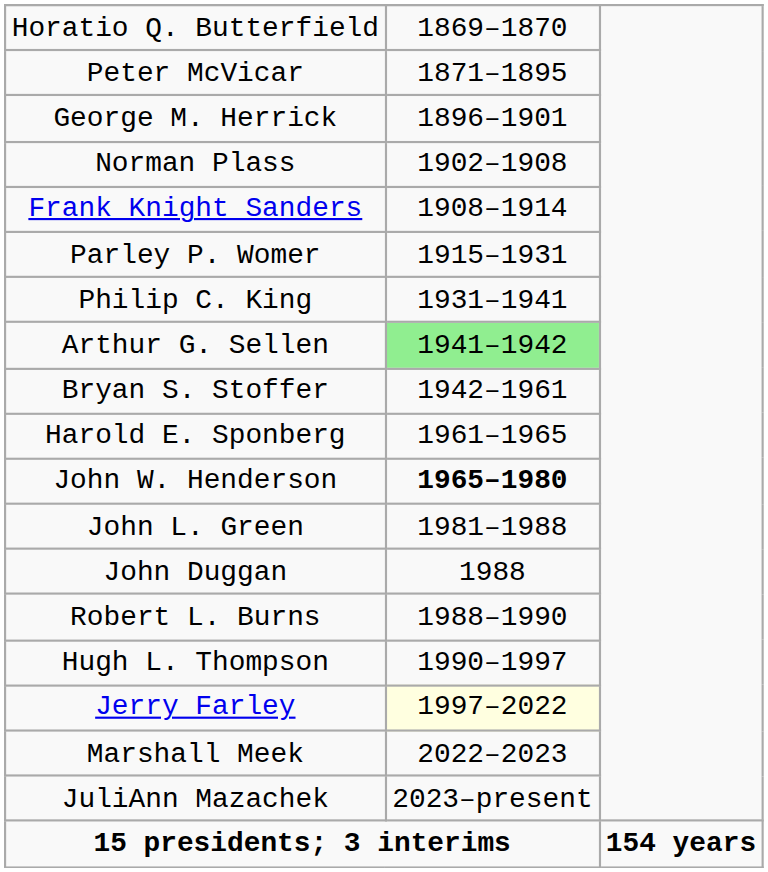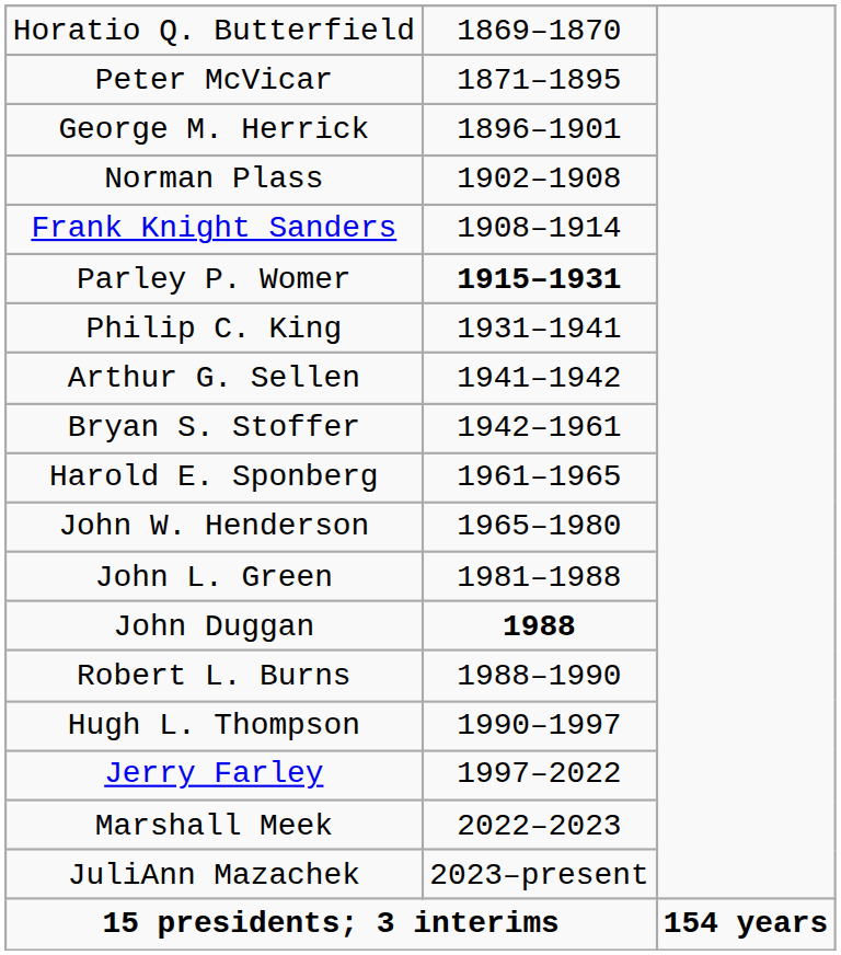 <table class="wikitable" style="text-align:center">
 <tr style="text-align:center;">
 </tr>
 <tr>
 <td>Horatio Q. Butterfield</td>
 <td>1869–1870</td>
 </tr>
 <tr>
 <td>Peter McVicar</td>
 <td>1871–1895</td>
 </tr>
 <tr>
 <td>George M. Herrick</td>
 <td>1896–1901</td>
 </tr>
 <tr>
 <td>Norman Plass</td>
 <td>1902–1908</td>
 </tr>
 <tr>
 <td><a href='#'>Frank Knight Sanders</a></td>
 <td>1908–1914</td>
 </tr>
 <tr>
 <td>Parley P. Womer</td>
-<td>1915–1931</td>
+<td><strong>1915–1931</strong></td>
 </tr>
 <tr>
 <td>Philip C. King</td>
 <td>1931–1941</td>
 </tr>
 <tr>
 <td>Arthur G. Sellen</td>
-<td style="background: lightgreen;">1941–1942</td>
+<td>1941–1942</td>
 </tr>
 <tr>
 <td>Bryan S. Stoffer</td>
 <td>1942–1961</td>
 </tr>
 <tr>
 <td>Harold E. Sponberg</td>
 <td>1961–1965</td>
 </tr>
 <tr>
 <td>John W. Henderson</td>
-<td><strong>1965–1980</strong></td>
+<td>1965–1980</td>
 </tr>
 <tr>
 <td>John L. Green</td>
 <td>1981–1988</td>
 </tr>
 <tr>
 <td>John Duggan</td>
-<td>1988</td>
+<td><strong>1988</strong></td>
 </tr>
 <tr>
 <td>Robert L. Burns</td>
 <td>1988–1990</td>
 </tr>
 <tr>
 <td>Hugh L. Thompson</td>
 <td>1990–1997</td>
 </tr>
 <tr>
 <td><a href='#'>Jerry Farley</a></td>
-<td style="background: lightyellow;">1997–2022</td>
+<td>1997–2022</td>
 </tr>
 <tr>
 <td>Marshall Meek</td>
 <td>2022–2023</td>
 </tr>
 <tr>
 <td>JuliAnn Mazachek</td>
 <td>2023–present</td>
 </tr>
 <tr style="text-align:center; ">
 <td colspan="2"><strong>15 presidents; 3 interims</strong></td>
 <td><strong>154 years</strong></td>
 </tr>
 </table>
